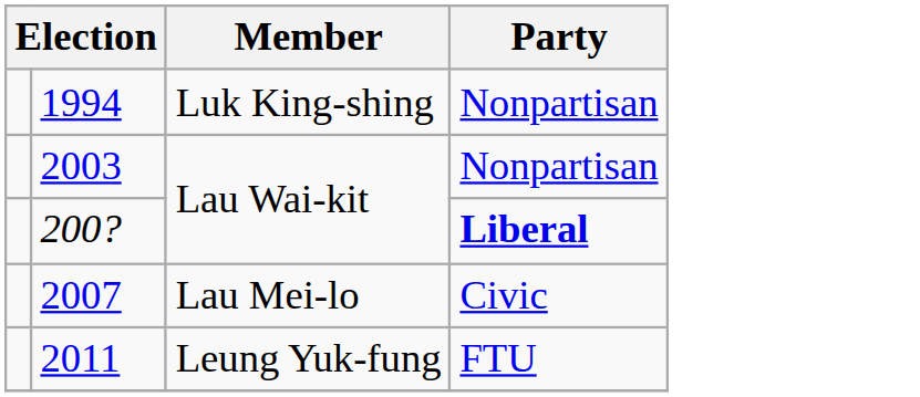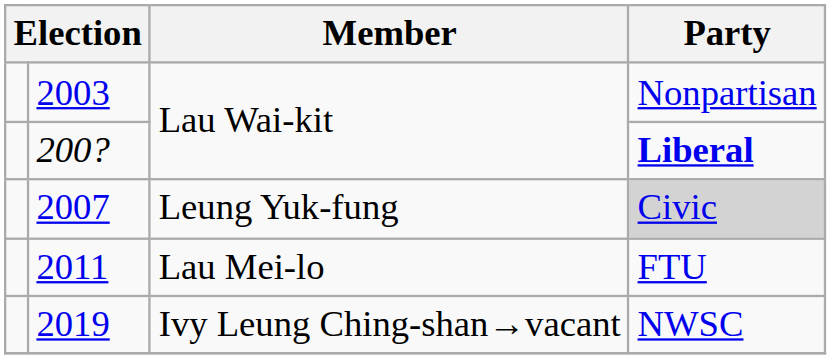 <table class="wikitable">
 <tr>
 <th colspan="2">Election</th>
 <th>Member</th>
 <th>Party</th>
-</tr>
-<tr>
-<td style="color:inherit;background:"></td>
-<td><a href='#'>1994</a></td>
-<td>Luk King-shing</td>
-<td><a href='#'>Nonpartisan</a></td>
 </tr>
 <tr>
 <td style="color:inherit;background:"></td>
 <td><a href='#'>2003</a></td>
 <td rowspan=2>Lau Wai-kit</td>
 <td><a href='#'>Nonpartisan</a></td>
 </tr>
 <tr>
 <td style="color:inherit;background:"></td>
 <td><em>200?</em></td>
 <td><strong><a href='#'>Liberal</a></strong></td>
 </tr>
 <tr>
 <td style="color:inherit;background:"></td>
 <td><a href='#'>2007</a></td>
-<td>Lau Mei-lo</td>
-<td><a href='#'>Civic</a></td>
+<td>Leung Yuk-fung</td>
+<td style="background: lightgrey;"><a href='#'>Civic</a></td>
 </tr>
 <tr>
 <td style="color:inherit;background:"></td>
 <td><a href='#'>2011</a></td>
-<td>Leung Yuk-fung</td>
+<td>Lau Mei-lo</td>
 <td><a href='#'>FTU</a></td>
+</tr>
+<tr>
+<td style="color:inherit;background:"></td>
+<td><a href='#'>2019</a></td>
+<td>Ivy Leung Ching-shan→vacant</td>
+<td><a href='#'>NWSC</a></td>
 </tr>
 <tr>
 </tr>
 </table>
